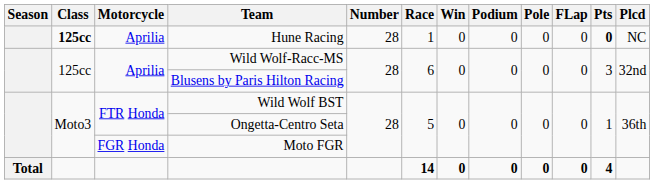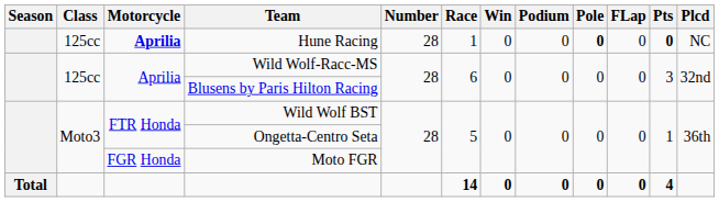 <table class="wikitable" style=text-align:right>
 <tr>
 <th>Season</th>
 <th>Class</th>
 <th>Motorcycle</th>
 <th>Team</th>
 <th>Number</th>
 <th>Race</th>
 <th>Win</th>
 <th>Podium</th>
 <th>Pole</th>
 <th>FLap</th>
 <th>Pts</th>
 <th>Plcd</th>
 </tr>
 <tr>
 <th></th>
-<td><strong>125cc</strong></td>
-<td><a href='#'>Aprilia</a></td>
+<td>125cc</td>
+<td><strong><a href='#'>Aprilia</a></strong></td>
 <td>Hune Racing</td>
 <td>28</td>
 <td>1</td>
 <td>0</td>
 <td>0</td>
-<td>0</td>
+<td><strong>0</strong></td>
 <td>0</td>
 <td><strong>0</strong></td>
 <td>NC</td>
 </tr>
 <tr>
 <th rowspan=2></th>
 <td rowspan=2>125cc</td>
 <td rowspan=2><a href='#'>Aprilia</a></td>
 <td>Wild Wolf-Racc-MS</td>
 <td rowspan=2>28</td>
 <td rowspan=2>6</td>
 <td rowspan=2>0</td>
 <td rowspan=2>0</td>
 <td rowspan=2>0</td>
 <td rowspan=2>0</td>
 <td rowspan=2>3</td>
 <td rowspan=2>32nd</td>
 </tr>
 <tr>
 <td><a href='#'>Blusens by Paris Hilton Racing</a></td>
 </tr>
 <tr>
 <th rowspan=3></th>
 <td rowspan=3>Moto3</td>
 <td rowspan=2><a href='#'>FTR</a> <a href='#'>Honda</a></td>
 <td>Wild Wolf BST</td>
 <td rowspan=3>28</td>
 <td rowspan=3>5</td>
 <td rowspan=3>0</td>
 <td rowspan=3>0</td>
 <td rowspan=3>0</td>
 <td rowspan=3>0</td>
 <td rowspan=3>1</td>
 <td rowspan=3>36th</td>
 </tr>
 <tr>
 <td>Ongetta-Centro Seta</td>
 </tr>
 <tr>
 <td><a href='#'>FGR</a> <a href='#'>Honda</a></td>
 <td>Moto FGR</td>
 </tr>
 <tr>
 <th>Total</th>
 <td></td>
 <td></td>
 <td></td>
 <td></td>
 <td><strong>14</strong></td>
 <td><strong>0</strong></td>
 <td><strong>0</strong></td>
 <td><strong>0</strong></td>
 <td><strong>0</strong></td>
 <td><strong>4</strong></td>
 <td></td>
 </tr>
 </table>
